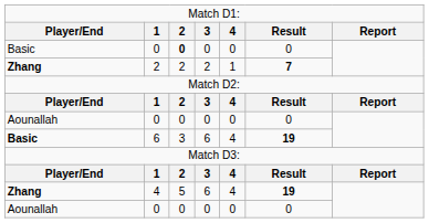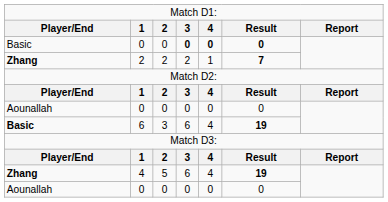 <table class="wikitable" style=font-size:85%;text-align:center;width:40%>
 <tr>
 <td colspan=7>Match D1:</td>
 </tr>
 <tr>
 <th>Player/End</th>
 <th>1</th>
 <th>2</th>
 <th>3</th>
 <th>4</th>
 <th>Result</th>
 <th>Report</th>
 </tr>
 <tr>
 <td align=left> Basic</td>
 <td>0</td>
+<td>0</td>
 <td><strong>0</strong></td>
-<td>0</td>
-<td>0</td>
-<td>0</td>
+<td><strong>0</strong></td>
+<td><strong>0</strong></td>
 <td rowspan="2"></td>
 </tr>
 <tr>
 <td align=left> <strong>Zhang</strong></td>
 <td>2</td>
 <td>2</td>
 <td>2</td>
 <td>1</td>
 <td><strong>7</strong></td>
 </tr>
 <tr>
 <td colspan=7>Match D2:</td>
 </tr>
 <tr>
 <th>Player/End</th>
 <th>1</th>
 <th>2</th>
 <th>3</th>
 <th>4</th>
 <th>Result</th>
 <th>Report</th>
 </tr>
 <tr>
 <td align=left> Aounallah</td>
 <td>0</td>
 <td>0</td>
 <td>0</td>
 <td>0</td>
 <td>0</td>
 <td rowspan="2"></td>
 </tr>
 <tr>
 <td align=left><strong> Basic</strong></td>
 <td>6</td>
 <td>3</td>
 <td>6</td>
 <td>4</td>
 <td><strong>19</strong></td>
 </tr>
 <tr>
 <td colspan=7>Match D3:</td>
 </tr>
 <tr>
 <th>Player/End</th>
 <th>1</th>
 <th>2</th>
 <th>3</th>
 <th>4</th>
 <th>Result</th>
 <th>Report</th>
 </tr>
 <tr>
 <td align=left> <strong>Zhang</strong></td>
 <td>4</td>
 <td>5</td>
 <td>6</td>
 <td>4</td>
 <td><strong>19</strong></td>
 <td rowspan="2"></td>
 </tr>
 <tr>
 <td align=left> Aounallah</td>
 <td>0</td>
 <td>0</td>
 <td>0</td>
 <td>0</td>
 <td>0</td>
 </tr>
 </table>
